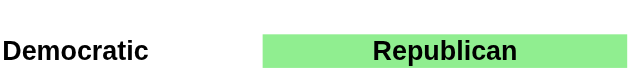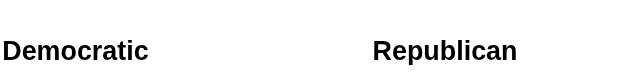 <table style="width:50%; text-align:center">
 <tr style="color:white">
 <td style="background:"><strong>23</strong><br></td>
 <td style="background:"><strong>27</strong></td>
 </tr>
 <tr>
 <td style="color:"><strong>Democratic</strong><br></td>
-<td style="background: lightgreen; color:"><strong>Republican</strong></td>
+<td style="color:"><strong>Republican</strong></td>
 </tr>
 </table>
